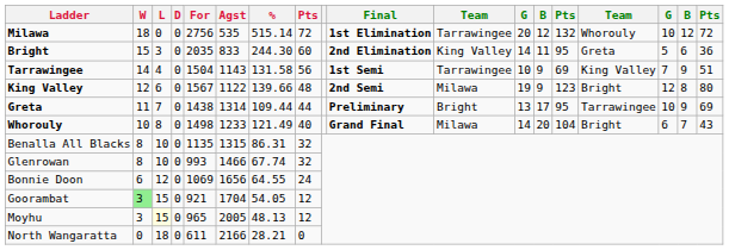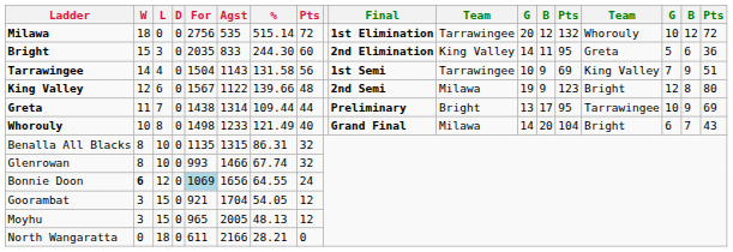 <table class="wikitable">
 <tr>
 <th style="color:crimson">Ladder</th>
 <th style="color:crimson">W</th>
 <th style="color:crimson">L</th>
 <th style="color:crimson">D</th>
 <th style="color:crimson">For</th>
 <th style="color:crimson">Agst</th>
 <th style="color:crimson">%</th>
 <th style="color:crimson">Pts</th>
 <th></th>
 <th style="color:green">Final</th>
 <th style="color:green">Team</th>
 <th style="color:green">G</th>
 <th style="color:green">B</th>
 <th style="color:green">Pts</th>
 <th style="color:green">Team</th>
 <th style="color:green">G</th>
 <th style="color:green">B</th>
 <th style="color:green">Pts</th>
 </tr>
 <tr>
 <td><strong>Milawa</strong></td>
 <td>18</td>
 <td>0</td>
 <td>0</td>
 <td>2756</td>
 <td>535</td>
 <td>515.14</td>
 <td>72</td>
 <td></td>
 <td><strong>1st Elimination</strong></td>
 <td>Tarrawingee</td>
 <td>20</td>
 <td>12</td>
 <td>132</td>
 <td>Whorouly</td>
 <td>10</td>
 <td>12</td>
 <td>72</td>
 </tr>
 <tr>
 <td><strong>Bright</strong></td>
 <td>15</td>
 <td>3</td>
 <td>0</td>
 <td>2035</td>
 <td>833</td>
 <td>244.30</td>
 <td>60</td>
 <td></td>
 <td><strong>2nd Elimination</strong></td>
 <td>King Valley</td>
 <td>14</td>
 <td>11</td>
 <td>95</td>
 <td>Greta</td>
 <td>5</td>
 <td>6</td>
 <td>36</td>
 </tr>
 <tr>
 <td><strong>Tarrawingee</strong></td>
 <td>14</td>
 <td>4</td>
 <td>0</td>
 <td>1504</td>
 <td>1143</td>
 <td>131.58</td>
 <td>56</td>
 <td></td>
 <td><strong>1st Semi</strong></td>
 <td>Tarrawingee</td>
 <td>10</td>
 <td>9</td>
 <td>69</td>
 <td>King Valley</td>
 <td>7</td>
 <td>9</td>
 <td>51</td>
 </tr>
 <tr>
 <td><strong>King Valley</strong></td>
 <td>12</td>
 <td>6</td>
 <td>0</td>
 <td>1567</td>
 <td>1122</td>
 <td>139.66</td>
 <td>48</td>
 <td></td>
 <td><strong>2nd Semi</strong></td>
 <td>Milawa</td>
 <td>19</td>
 <td>9</td>
 <td>123</td>
 <td>Bright</td>
 <td>12</td>
 <td>8</td>
 <td>80</td>
 </tr>
 <tr>
 <td><strong>Greta</strong></td>
 <td>11</td>
 <td>7</td>
 <td>0</td>
 <td>1438</td>
 <td>1314</td>
 <td>109.44</td>
 <td>44</td>
 <td></td>
 <td><strong>Preliminary</strong></td>
 <td>Bright</td>
 <td>13</td>
 <td>17</td>
 <td>95</td>
 <td>Tarrawingee</td>
 <td>10</td>
 <td>9</td>
 <td>69</td>
 </tr>
 <tr>
 <td><strong>Whorouly</strong></td>
 <td>10</td>
 <td>8</td>
 <td>0</td>
 <td>1498</td>
 <td>1233</td>
 <td>121.49</td>
 <td>40</td>
 <td></td>
 <td><strong>Grand Final</strong></td>
 <td>Milawa</td>
 <td>14</td>
 <td>20</td>
 <td>104</td>
 <td>Bright</td>
 <td>6</td>
 <td>7</td>
 <td>43</td>
 </tr>
 <tr>
 <td>Benalla All Blacks</td>
 <td>8</td>
 <td>10</td>
 <td>0</td>
 <td>1135</td>
 <td>1315</td>
 <td>86.31</td>
 <td>32</td>
 </tr>
 <tr>
 <td>Glenrowan</td>
 <td>8</td>
 <td>10</td>
 <td>0</td>
 <td>993</td>
 <td>1466</td>
 <td>67.74</td>
 <td>32</td>
 </tr>
 <tr>
 <td>Bonnie Doon</td>
-<td>6</td>
+<td><strong>6</strong></td>
 <td>12</td>
 <td>0</td>
-<td>1069</td>
+<td style="background: lightblue;">1069</td>
 <td>1656</td>
 <td>64.55</td>
 <td>24</td>
 </tr>
 <tr>
 <td>Goorambat</td>
-<td style="background: lightgreen;">3</td>
+<td>3</td>
 <td>15</td>
 <td>0</td>
 <td>921</td>
 <td>1704</td>
 <td>54.05</td>
 <td>12</td>
 </tr>
 <tr>
 <td>Moyhu</td>
 <td>3</td>
-<td style="background: lightyellow;">15</td>
+<td>15</td>
 <td>0</td>
 <td>965</td>
 <td>2005</td>
 <td>48.13</td>
 <td>12</td>
 </tr>
 <tr>
 <td>North Wangaratta</td>
 <td>0</td>
 <td>18</td>
 <td>0</td>
 <td>611</td>
 <td>2166</td>
 <td>28.21</td>
 <td>0</td>
 </tr>
 </table>
